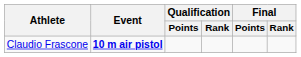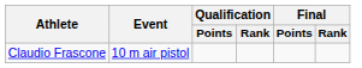 <table class=wikitable style=font-size:90%;text-align:center>
 <tr>
 <th rowspan=2>Athlete</th>
 <th rowspan=2>Event</th>
 <th colspan=2>Qualification</th>
 <th colspan=2>Final</th>
 </tr>
 <tr style=font-size:95%>
 <th>Points</th>
 <th>Rank</th>
 <th>Points</th>
 <th>Rank</th>
 </tr>
 <tr>
 <td align=left><a href='#'>Claudio Frascone</a></td>
-<td align=left><strong><a href='#'>10 m air pistol</a></strong></td>
+<td align=left><a href='#'>10 m air pistol</a></td>
 <td></td>
 <td></td>
 <td></td>
 <td></td>
 </tr>
 </table>
